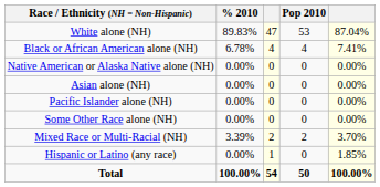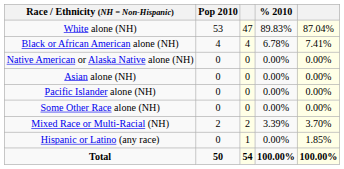 <table class="wikitable" style="text-align:center;">
 <tr>
 <th>Race / Ethnicity <small>(<em>NH = Non-Hispanic</em>)</small></th>
+<th>Pop 2010</th>
+<th></th>
 <th>% 2010</th>
-<th></th>
-<th>Pop 2010</th>
 <th></th>
 </tr>
 <tr>
 <td><a href='#'>White</a> alone (NH)</td>
+<td>53</td>
+<td style='background: #ffffe6;'>47</td>
 <td>89.83%</td>
-<td style='background: #ffffe6;'>47</td>
-<td>53</td>
 <td style='background: #ffffe6;'>87.04%</td>
 </tr>
 <tr>
 <td><a href='#'>Black or African American</a> alone (NH)</td>
+<td>4</td>
+<td style='background: #ffffe6;'>4</td>
 <td>6.78%</td>
-<td style='background: #ffffe6;'>4</td>
-<td>4</td>
 <td style='background: #ffffe6;'>7.41%</td>
 </tr>
 <tr>
 <td><a href='#'>Native American</a> or <a href='#'>Alaska Native</a> alone (NH)</td>
+<td>0</td>
+<td style='background: #ffffe6;'>0</td>
 <td>0.00%</td>
-<td style='background: #ffffe6;'>0</td>
-<td>0</td>
 <td style='background: #ffffe6;'>0.00%</td>
 </tr>
 <tr>
 <td><a href='#'>Asian</a> alone (NH)</td>
+<td>0</td>
+<td style='background: #ffffe6;'>0</td>
 <td>0.00%</td>
-<td style='background: #ffffe6;'>0</td>
-<td>0</td>
 <td style='background: #ffffe6;'>0.00%</td>
 </tr>
 <tr>
 <td><a href='#'>Pacific Islander</a> alone (NH)</td>
+<td>0</td>
+<td style='background: #ffffe6;'>0</td>
 <td>0.00%</td>
-<td style='background: #ffffe6;'>0</td>
-<td>0</td>
 <td style='background: #ffffe6;'>0.00%</td>
 </tr>
 <tr>
 <td><a href='#'>Some Other Race</a> alone (NH)</td>
+<td>0</td>
+<td style='background: #ffffe6;'>0</td>
 <td>0.00%</td>
-<td style='background: #ffffe6;'>0</td>
-<td>0</td>
 <td style='background: #ffffe6;'>0.00%</td>
 </tr>
 <tr>
 <td><a href='#'>Mixed Race or Multi-Racial</a> (NH)</td>
+<td>2</td>
+<td style='background: #ffffe6;'>2</td>
 <td>3.39%</td>
-<td style='background: #ffffe6;'>2</td>
-<td>2</td>
 <td style='background: #ffffe6;'>3.70%</td>
 </tr>
 <tr>
 <td><a href='#'>Hispanic or Latino</a> (any race)</td>
+<td>0</td>
+<td style='background: #ffffe6;'>1</td>
 <td>0.00%</td>
-<td style='background: #ffffe6;'>1</td>
-<td>0</td>
 <td style='background: #ffffe6;'>1.85%</td>
 </tr>
 <tr>
 <td><strong>Total</strong></td>
+<td><strong>50</strong></td>
+<td style='background: #ffffe6;'><strong>54</strong></td>
 <td><strong>100.00%</strong></td>
-<td style='background: #ffffe6;'><strong>54</strong></td>
-<td><strong>50</strong></td>
 <td style='background: #ffffe6;'><strong>100.00%</strong></td>
 </tr>
 </table>
